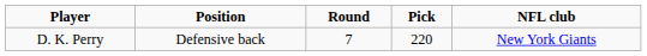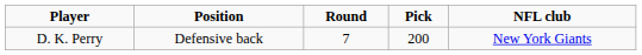 <table class="wikitable" width="80%">
 <tr align="center">
 <td><strong>Player</strong></td>
 <td><strong>Position</strong></td>
 <td><strong>Round</strong></td>
 <td><strong>Pick</strong></td>
 <td><strong>NFL club</strong></td>
 </tr>
 <tr align="center" bgcolor="">
 <td>D. K. Perry</td>
 <td>Defensive back</td>
 <td>7</td>
-<td>220</td>
+<td>200</td>
 <td><a href='#'>New York Giants</a></td>
 </tr>
 </table>
